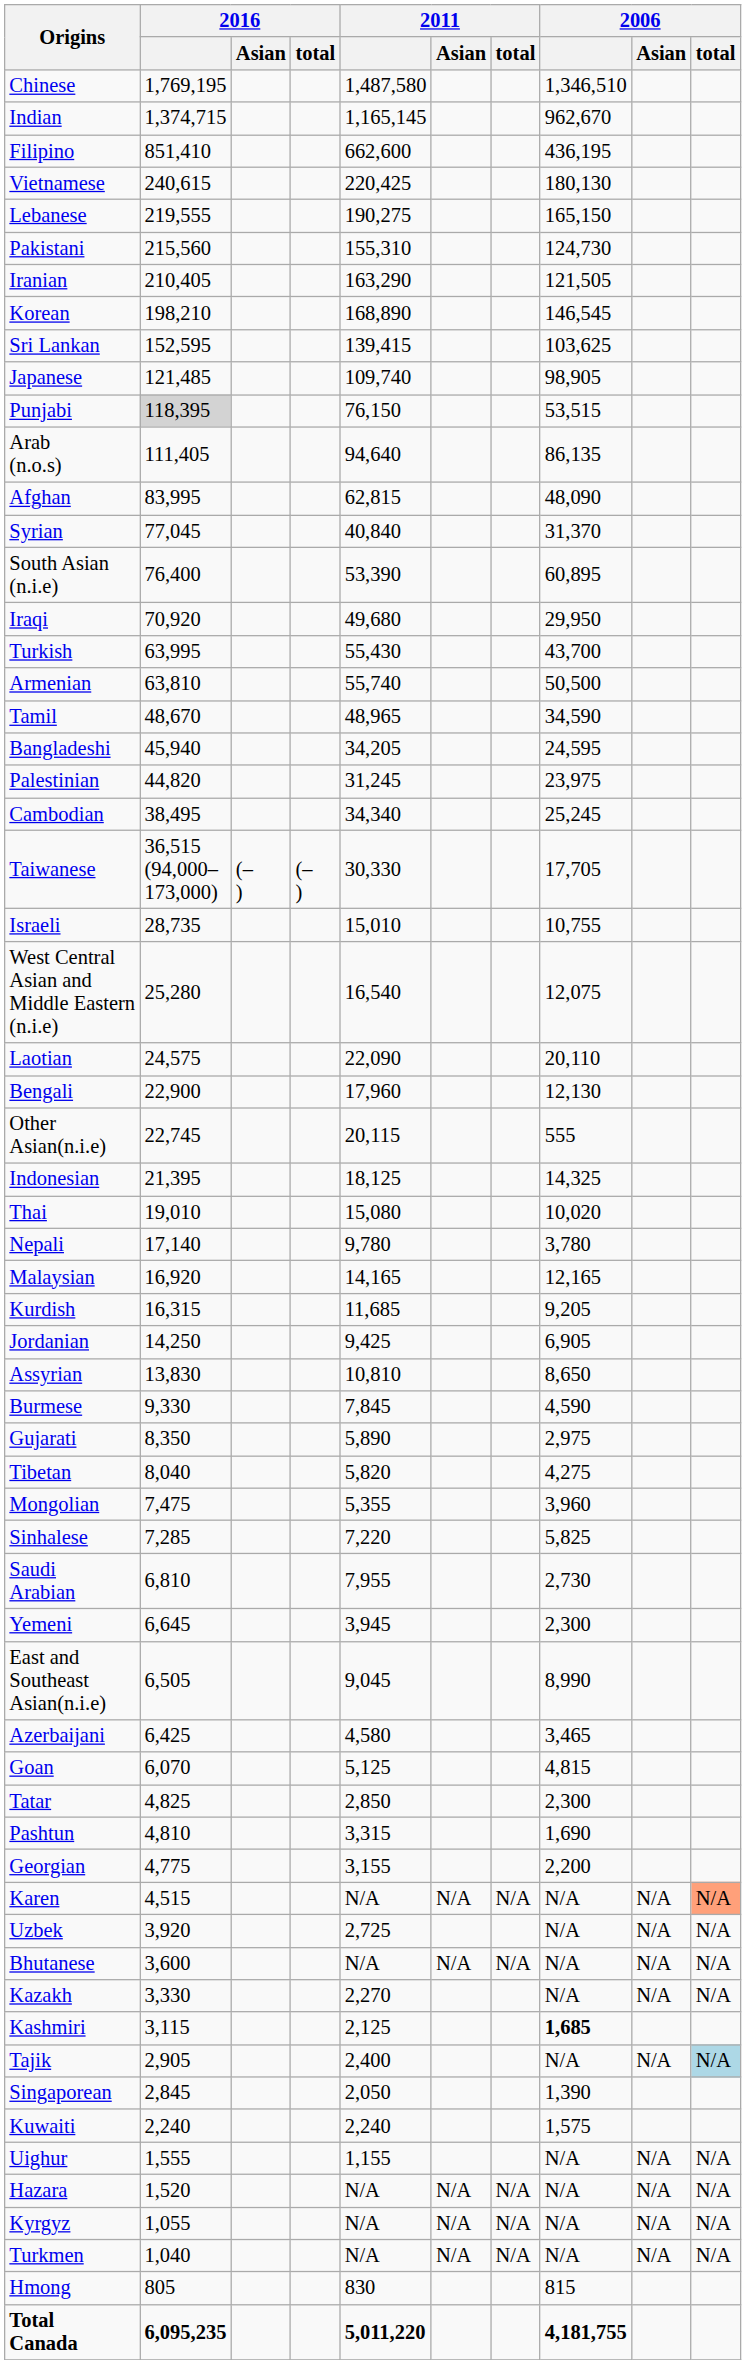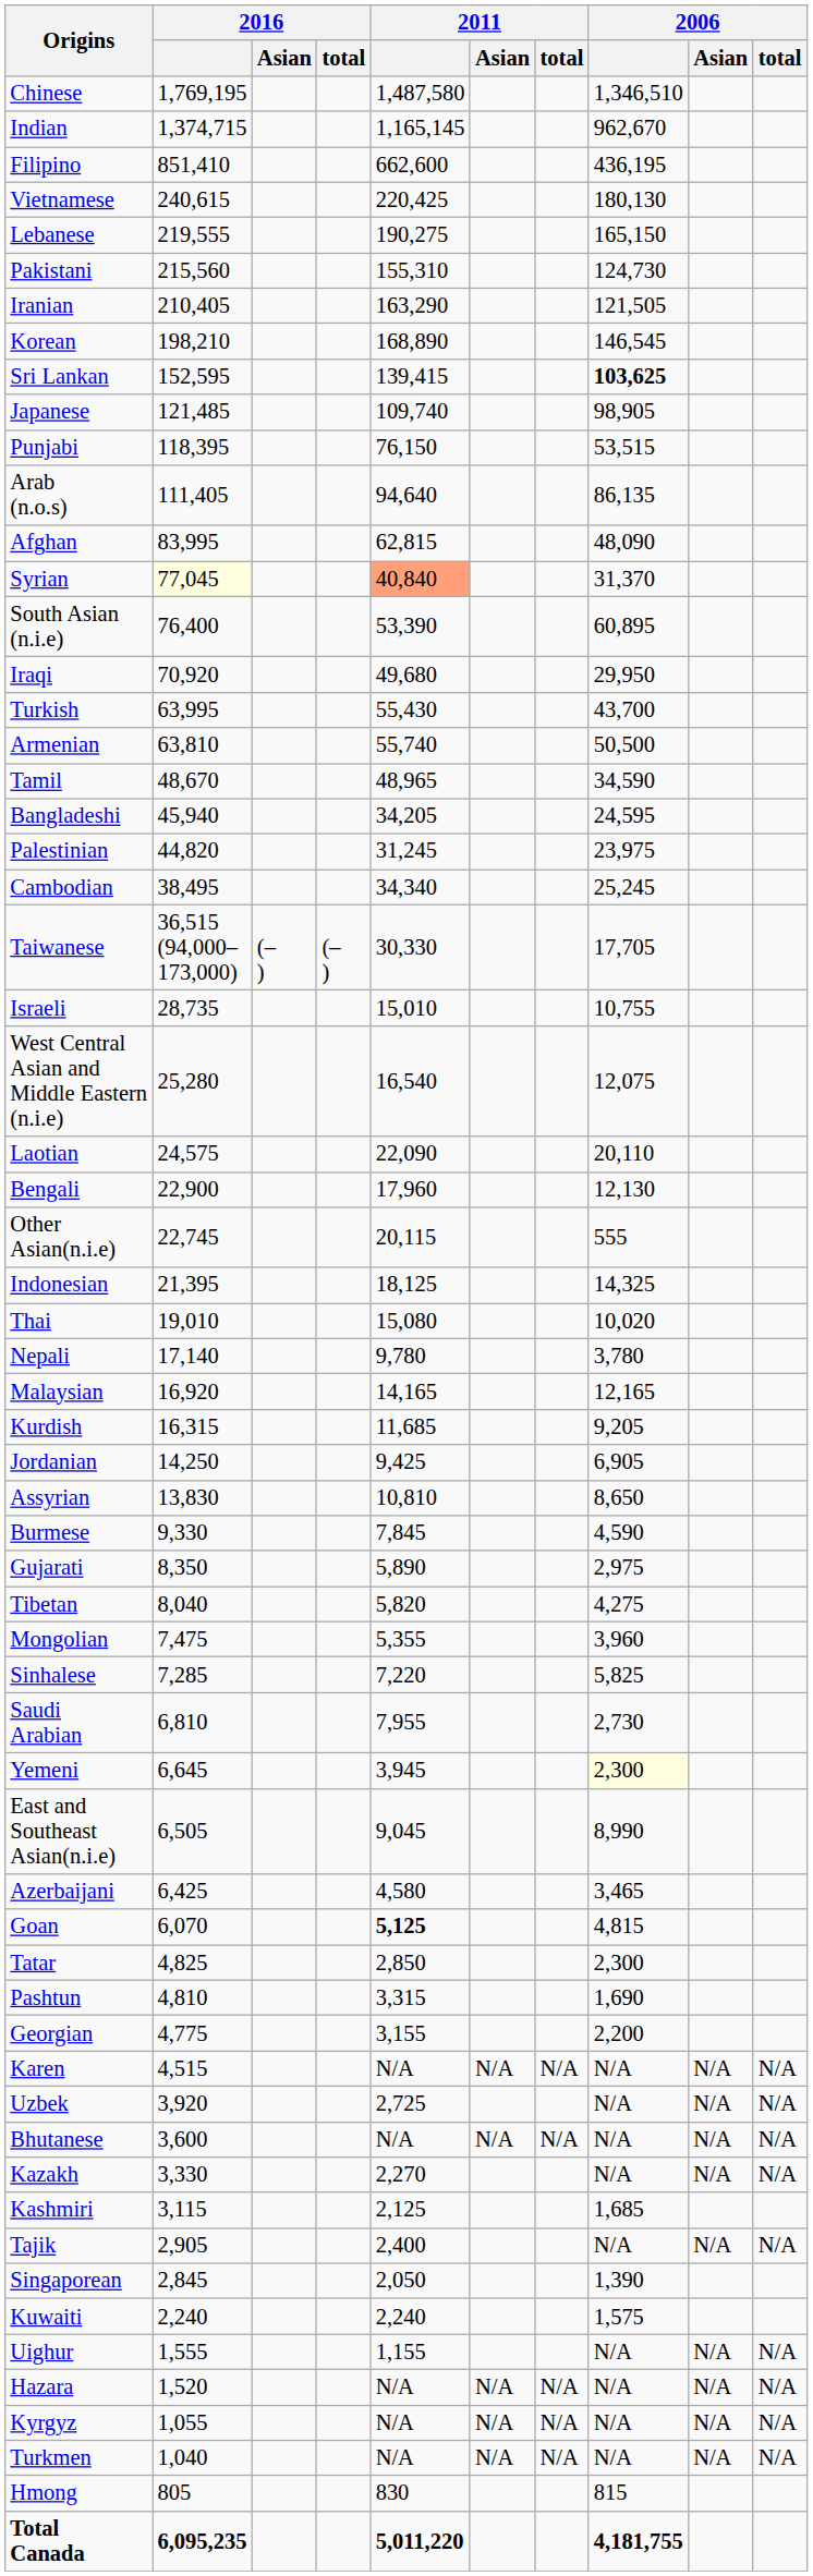 <table class="wikitable collapsible sortable">
 <tr>
 <th rowspan="2">Origins</th>
 <th colspan="3"><a href='#'>2016</a></th>
 <th colspan="3"><a href='#'>2011</a></th>
 <th colspan="3"><a href='#'>2006</a></th>
 </tr>
 <tr>
 <th><a href='#'></a></th>
 <th> Asian </th>
 <th> total </th>
 <th></th>
 <th> Asian </th>
 <th> total </th>
 <th></th>
 <th> Asian </th>
 <th> total </th>
 </tr>
 <tr>
 <td><a href='#'>Chinese</a></td>
 <td>1,769,195</td>
 <td></td>
 <td></td>
 <td>1,487,580</td>
 <td></td>
 <td></td>
 <td>1,346,510</td>
 <td></td>
 <td></td>
 </tr>
 <tr>
 <td><a href='#'>Indian</a></td>
 <td>1,374,715</td>
 <td></td>
 <td></td>
 <td>1,165,145</td>
 <td></td>
 <td></td>
 <td>962,670</td>
 <td></td>
 <td></td>
 </tr>
 <tr>
 <td><a href='#'>Filipino</a></td>
 <td>851,410</td>
 <td></td>
 <td></td>
 <td>662,600</td>
 <td></td>
 <td></td>
 <td>436,195</td>
 <td></td>
 <td></td>
 </tr>
 <tr>
 <td><a href='#'>Vietnamese</a></td>
 <td>240,615</td>
 <td></td>
 <td></td>
 <td>220,425</td>
 <td></td>
 <td></td>
 <td>180,130</td>
 <td></td>
 <td></td>
 </tr>
 <tr>
 <td><a href='#'>Lebanese</a></td>
 <td>219,555</td>
 <td></td>
 <td></td>
 <td>190,275</td>
 <td></td>
 <td></td>
 <td>165,150</td>
 <td></td>
 <td></td>
 </tr>
 <tr>
 <td><a href='#'>Pakistani</a></td>
 <td>215,560</td>
 <td></td>
 <td></td>
 <td>155,310</td>
 <td></td>
 <td></td>
 <td>124,730</td>
 <td></td>
 <td></td>
 </tr>
 <tr>
 <td><a href='#'>Iranian</a></td>
 <td>210,405</td>
 <td></td>
 <td></td>
 <td>163,290</td>
 <td></td>
 <td></td>
 <td>121,505</td>
 <td></td>
 <td></td>
 </tr>
 <tr>
 <td><a href='#'>Korean</a></td>
 <td>198,210</td>
 <td></td>
 <td></td>
 <td>168,890</td>
 <td></td>
 <td></td>
 <td>146,545</td>
 <td></td>
 <td></td>
 </tr>
 <tr>
 <td><a href='#'>Sri Lankan</a></td>
 <td>152,595</td>
 <td></td>
 <td></td>
 <td>139,415</td>
 <td></td>
 <td></td>
-<td>103,625</td>
+<td><strong>103,625</strong></td>
 <td></td>
 <td></td>
 </tr>
 <tr>
 <td><a href='#'>Japanese</a></td>
 <td>121,485</td>
 <td></td>
 <td></td>
 <td>109,740</td>
 <td></td>
 <td></td>
 <td>98,905</td>
 <td></td>
 <td></td>
 </tr>
 <tr>
 <td><a href='#'>Punjabi</a></td>
-<td style="background: lightgrey;">118,395</td>
+<td>118,395</td>
 <td></td>
 <td></td>
 <td>76,150</td>
 <td></td>
 <td></td>
 <td>53,515</td>
 <td></td>
 <td></td>
 </tr>
 <tr>
 <td>Arab<br>(n.o.s)</td>
 <td>111,405</td>
 <td></td>
 <td></td>
 <td>94,640</td>
 <td></td>
 <td></td>
 <td>86,135</td>
 <td></td>
 <td></td>
 </tr>
 <tr>
 <td><a href='#'>Afghan</a></td>
 <td>83,995</td>
 <td></td>
 <td></td>
 <td>62,815</td>
 <td></td>
 <td></td>
 <td>48,090</td>
 <td></td>
 <td></td>
 </tr>
 <tr>
 <td><a href='#'>Syrian</a></td>
-<td>77,045</td>
+<td style="background: lightyellow;">77,045</td>
 <td></td>
 <td></td>
-<td>40,840</td>
+<td style="background: lightsalmon;">40,840</td>
 <td></td>
 <td></td>
 <td>31,370</td>
 <td></td>
 <td></td>
 </tr>
 <tr>
 <td>South Asian<br>(n.i.e)</td>
 <td>76,400</td>
 <td></td>
 <td></td>
 <td>53,390</td>
 <td></td>
 <td></td>
 <td>60,895</td>
 <td></td>
 <td></td>
 </tr>
 <tr>
 <td><a href='#'>Iraqi</a></td>
 <td>70,920</td>
 <td></td>
 <td></td>
 <td>49,680</td>
 <td></td>
 <td></td>
 <td>29,950</td>
 <td></td>
 <td></td>
 </tr>
 <tr>
 <td><a href='#'>Turkish</a></td>
 <td>63,995</td>
 <td></td>
 <td></td>
 <td>55,430</td>
 <td></td>
 <td></td>
 <td>43,700</td>
 <td></td>
 <td></td>
 </tr>
 <tr>
 <td><a href='#'>Armenian</a></td>
 <td>63,810</td>
 <td></td>
 <td></td>
 <td>55,740</td>
 <td></td>
 <td></td>
 <td>50,500</td>
 <td></td>
 <td></td>
 </tr>
 <tr>
 <td><a href='#'>Tamil</a></td>
 <td>48,670</td>
 <td></td>
 <td></td>
 <td>48,965</td>
 <td></td>
 <td></td>
 <td>34,590</td>
 <td></td>
 <td></td>
 </tr>
 <tr>
 <td><a href='#'>Bangladeshi</a></td>
 <td>45,940</td>
 <td></td>
 <td></td>
 <td>34,205</td>
 <td></td>
 <td></td>
 <td>24,595</td>
 <td></td>
 <td></td>
 </tr>
 <tr>
 <td><a href='#'>Palestinian</a></td>
 <td>44,820</td>
 <td></td>
 <td></td>
 <td>31,245</td>
 <td></td>
 <td></td>
 <td>23,975</td>
 <td></td>
 <td></td>
 </tr>
 <tr>
 <td><a href='#'>Cambodian</a></td>
 <td>38,495</td>
 <td></td>
 <td></td>
 <td>34,340</td>
 <td></td>
 <td></td>
 <td>25,245</td>
 <td></td>
 <td></td>
 </tr>
 <tr>
 <td><a href='#'>Taiwanese</a></td>
 <td>36,515<br>(94,000–<br>173,000)</td>
 <td><br>(–<br>)</td>
 <td><br>(–<br>)</td>
 <td>30,330</td>
 <td></td>
 <td></td>
 <td>17,705</td>
 <td></td>
 <td></td>
 </tr>
 <tr>
 <td><a href='#'>Israeli</a></td>
 <td>28,735</td>
 <td></td>
 <td></td>
 <td>15,010</td>
 <td></td>
 <td></td>
 <td>10,755</td>
 <td></td>
 <td></td>
 </tr>
 <tr>
 <td>West Central<br>Asian and<br>Middle Eastern<br>(n.i.e)</td>
 <td>25,280</td>
 <td></td>
 <td></td>
 <td>16,540</td>
 <td></td>
 <td></td>
 <td>12,075</td>
 <td></td>
 <td></td>
 </tr>
 <tr>
 <td><a href='#'>Laotian</a></td>
 <td>24,575</td>
 <td></td>
 <td></td>
 <td>22,090</td>
 <td></td>
 <td></td>
 <td>20,110</td>
 <td></td>
 <td></td>
 </tr>
 <tr>
 <td><a href='#'>Bengali</a></td>
 <td>22,900</td>
 <td></td>
 <td></td>
 <td>17,960</td>
 <td></td>
 <td></td>
 <td>12,130</td>
 <td></td>
 <td></td>
 </tr>
 <tr>
 <td>Other<br>Asian(n.i.e)</td>
 <td>22,745</td>
 <td></td>
 <td></td>
 <td>20,115</td>
 <td></td>
 <td></td>
 <td>555</td>
 <td></td>
 <td></td>
 </tr>
 <tr>
 <td><a href='#'>Indonesian</a></td>
 <td>21,395</td>
 <td></td>
 <td></td>
 <td>18,125</td>
 <td></td>
 <td></td>
 <td>14,325</td>
 <td></td>
 <td></td>
 </tr>
 <tr>
 <td><a href='#'>Thai</a></td>
 <td>19,010</td>
 <td></td>
 <td></td>
 <td>15,080</td>
 <td></td>
 <td></td>
 <td>10,020</td>
 <td></td>
 <td></td>
 </tr>
 <tr>
 <td><a href='#'>Nepali</a></td>
 <td>17,140</td>
 <td></td>
 <td></td>
 <td>9,780</td>
 <td></td>
 <td></td>
 <td>3,780</td>
 <td></td>
 <td></td>
 </tr>
 <tr>
 <td><a href='#'>Malaysian</a></td>
 <td>16,920</td>
 <td></td>
 <td></td>
 <td>14,165</td>
 <td></td>
 <td></td>
 <td>12,165</td>
 <td></td>
 <td></td>
 </tr>
 <tr>
 <td><a href='#'>Kurdish</a></td>
 <td>16,315</td>
 <td></td>
 <td></td>
 <td>11,685</td>
 <td></td>
 <td></td>
 <td>9,205</td>
 <td></td>
 <td></td>
 </tr>
 <tr>
 <td><a href='#'>Jordanian</a></td>
 <td>14,250</td>
 <td></td>
 <td></td>
 <td>9,425</td>
 <td></td>
 <td></td>
 <td>6,905</td>
 <td></td>
 <td></td>
 </tr>
 <tr>
 <td><a href='#'>Assyrian</a></td>
 <td>13,830</td>
 <td></td>
 <td></td>
 <td>10,810</td>
 <td></td>
 <td></td>
 <td>8,650</td>
 <td></td>
 <td></td>
 </tr>
 <tr>
 <td><a href='#'>Burmese</a></td>
 <td>9,330</td>
 <td></td>
 <td></td>
 <td>7,845</td>
 <td></td>
 <td></td>
 <td>4,590</td>
 <td></td>
 <td></td>
 </tr>
 <tr>
 <td><a href='#'>Gujarati</a></td>
 <td>8,350</td>
 <td></td>
 <td></td>
 <td>5,890</td>
 <td></td>
 <td></td>
 <td>2,975</td>
 <td></td>
 <td></td>
 </tr>
 <tr>
 <td><a href='#'>Tibetan</a></td>
 <td>8,040</td>
 <td></td>
 <td></td>
 <td>5,820</td>
 <td></td>
 <td></td>
 <td>4,275</td>
 <td></td>
 <td></td>
 </tr>
 <tr>
 <td><a href='#'>Mongolian</a></td>
 <td>7,475</td>
 <td></td>
 <td></td>
 <td>5,355</td>
 <td></td>
 <td></td>
 <td>3,960</td>
 <td></td>
 <td></td>
 </tr>
 <tr>
 <td><a href='#'>Sinhalese</a></td>
 <td>7,285</td>
 <td></td>
 <td></td>
 <td>7,220</td>
 <td></td>
 <td></td>
 <td>5,825</td>
 <td></td>
 <td></td>
 </tr>
 <tr>
 <td><a href='#'>Saudi<br>Arabian</a></td>
 <td>6,810</td>
 <td></td>
 <td></td>
 <td>7,955</td>
 <td></td>
 <td></td>
 <td>2,730</td>
 <td></td>
 <td></td>
 </tr>
 <tr>
 <td><a href='#'>Yemeni</a></td>
 <td>6,645</td>
 <td></td>
 <td></td>
 <td>3,945</td>
 <td></td>
 <td></td>
-<td>2,300</td>
+<td style="background: lightyellow;">2,300</td>
 <td></td>
 <td></td>
 </tr>
 <tr>
 <td>East and<br>Southeast<br>Asian(n.i.e)</td>
 <td>6,505</td>
 <td></td>
 <td></td>
 <td>9,045</td>
 <td></td>
 <td></td>
 <td>8,990</td>
 <td></td>
 <td></td>
 </tr>
 <tr>
 <td><a href='#'>Azerbaijani</a></td>
 <td>6,425</td>
 <td></td>
 <td></td>
 <td>4,580</td>
 <td></td>
 <td></td>
 <td>3,465</td>
 <td></td>
 <td></td>
 </tr>
 <tr>
 <td><a href='#'>Goan</a></td>
 <td>6,070</td>
 <td></td>
 <td></td>
-<td>5,125</td>
+<td><strong>5,125</strong></td>
 <td></td>
 <td></td>
 <td>4,815</td>
 <td></td>
 <td></td>
 </tr>
 <tr>
 <td><a href='#'>Tatar</a></td>
 <td>4,825</td>
 <td></td>
 <td></td>
 <td>2,850</td>
 <td></td>
 <td></td>
 <td>2,300</td>
 <td></td>
 <td></td>
 </tr>
 <tr>
 <td><a href='#'>Pashtun</a></td>
 <td>4,810</td>
 <td></td>
 <td></td>
 <td>3,315</td>
 <td></td>
 <td></td>
 <td>1,690</td>
 <td></td>
 <td></td>
 </tr>
 <tr>
 <td><a href='#'>Georgian</a></td>
 <td>4,775</td>
 <td></td>
 <td></td>
 <td>3,155</td>
 <td></td>
 <td></td>
 <td>2,200</td>
 <td></td>
 <td></td>
 </tr>
 <tr>
 <td><a href='#'>Karen</a></td>
 <td>4,515</td>
 <td></td>
 <td></td>
 <td>N/A</td>
 <td>N/A</td>
 <td>N/A</td>
 <td>N/A</td>
 <td>N/A</td>
-<td style="background: lightsalmon;">N/A</td>
+<td>N/A</td>
 </tr>
 <tr>
 <td><a href='#'>Uzbek</a></td>
 <td>3,920</td>
 <td></td>
 <td></td>
 <td>2,725</td>
 <td></td>
 <td></td>
 <td>N/A</td>
 <td>N/A</td>
 <td>N/A</td>
 </tr>
 <tr>
 <td><a href='#'>Bhutanese</a></td>
 <td>3,600</td>
 <td></td>
 <td></td>
 <td>N/A</td>
 <td>N/A</td>
 <td>N/A</td>
 <td>N/A</td>
 <td>N/A</td>
 <td>N/A</td>
 </tr>
 <tr>
 <td><a href='#'>Kazakh</a></td>
 <td>3,330</td>
 <td></td>
 <td></td>
 <td>2,270</td>
 <td></td>
 <td></td>
 <td>N/A</td>
 <td>N/A</td>
 <td>N/A</td>
 </tr>
 <tr>
 <td><a href='#'>Kashmiri</a></td>
 <td>3,115</td>
 <td></td>
 <td></td>
 <td>2,125</td>
 <td></td>
 <td></td>
-<td><strong>1,685</strong></td>
+<td>1,685</td>
 <td></td>
 <td></td>
 </tr>
 <tr>
 <td><a href='#'>Tajik</a></td>
 <td>2,905</td>
 <td></td>
 <td></td>
 <td>2,400</td>
 <td></td>
 <td></td>
 <td>N/A</td>
 <td>N/A</td>
-<td style="background: lightblue;">N/A</td>
+<td>N/A</td>
 </tr>
 <tr>
 <td><a href='#'>Singaporean</a></td>
 <td>2,845</td>
 <td></td>
 <td></td>
 <td>2,050</td>
 <td></td>
 <td></td>
 <td>1,390</td>
 <td></td>
 <td></td>
 </tr>
 <tr>
 <td><a href='#'>Kuwaiti</a></td>
 <td>2,240</td>
 <td></td>
 <td></td>
 <td>2,240</td>
 <td></td>
 <td></td>
 <td>1,575</td>
 <td></td>
 <td></td>
 </tr>
 <tr>
 <td><a href='#'>Uighur</a></td>
 <td>1,555</td>
 <td></td>
 <td></td>
 <td>1,155</td>
 <td></td>
 <td></td>
 <td>N/A</td>
 <td>N/A</td>
 <td>N/A</td>
 </tr>
 <tr>
 <td><a href='#'>Hazara</a></td>
 <td>1,520</td>
 <td></td>
 <td></td>
 <td>N/A</td>
 <td>N/A</td>
 <td>N/A</td>
 <td>N/A</td>
 <td>N/A</td>
 <td>N/A</td>
 </tr>
 <tr>
 <td><a href='#'>Kyrgyz</a></td>
 <td>1,055</td>
 <td></td>
 <td></td>
 <td>N/A</td>
 <td>N/A</td>
 <td>N/A</td>
 <td>N/A</td>
 <td>N/A</td>
 <td>N/A</td>
 </tr>
 <tr>
 <td><a href='#'>Turkmen</a></td>
 <td>1,040</td>
 <td></td>
 <td></td>
 <td>N/A</td>
 <td>N/A</td>
 <td>N/A</td>
 <td>N/A</td>
 <td>N/A</td>
 <td>N/A</td>
 </tr>
 <tr>
 <td><a href='#'>Hmong</a></td>
 <td>805</td>
 <td></td>
 <td></td>
 <td>830</td>
 <td></td>
 <td></td>
 <td>815</td>
 <td></td>
 <td></td>
 </tr>
 <tr>
 <td> <strong>Total<br>Canada</strong></td>
 <td><strong>6,095,235</strong></td>
 <td><strong></strong></td>
 <td><strong></strong></td>
 <td><strong>5,011,220</strong></td>
 <td><strong></strong></td>
 <td><strong></strong></td>
 <td><strong>4,181,755</strong></td>
 <td><strong></strong></td>
 <td><strong></strong></td>
 </tr>
 </table>
